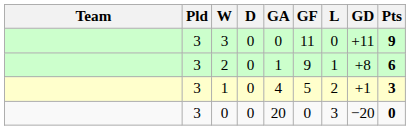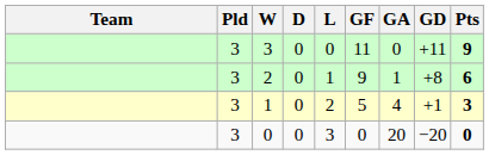 <table class="wikitable" style="text-align:center;">
 <tr>
 <th width=180>Team</th>
 <th width=20>Pld</th>
 <th width=20>W</th>
 <th width=20>D</th>
+<th width=20>L</th>
+<th width=20>GF</th>
 <th width=20>GA</th>
-<th width=20>GF</th>
-<th width=20>L</th>
 <th width=20>GD</th>
 <th width=20>Pts</th>
 </tr>
 <tr bgcolor="ccffcc">
 <td align="left"></td>
 <td>3</td>
 <td>3</td>
 <td>0</td>
 <td>0</td>
 <td>11</td>
 <td>0</td>
 <td>+11</td>
 <td><strong>9</strong></td>
 </tr>
 <tr bgcolor="ccffcc">
 <td align="left"><em></em></td>
 <td>3</td>
 <td>2</td>
 <td>0</td>
 <td>1</td>
 <td>9</td>
 <td>1</td>
 <td>+8</td>
 <td><strong>6</strong></td>
 </tr>
 <tr bgcolor="ffffcc">
 <td align="left"></td>
 <td>3</td>
 <td>1</td>
 <td>0</td>
+<td>2</td>
+<td>5</td>
 <td>4</td>
-<td>5</td>
-<td>2</td>
 <td>+1</td>
 <td><strong>3</strong></td>
 </tr>
 <tr>
 <td align="left"></td>
 <td>3</td>
 <td>0</td>
 <td>0</td>
+<td>3</td>
+<td>0</td>
 <td>20</td>
-<td>0</td>
-<td>3</td>
 <td>−20</td>
 <td><strong>0</strong></td>
 </tr>
 </table>
